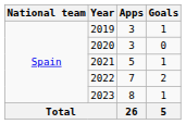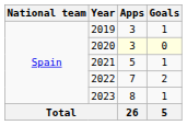 <table class="wikitable" style="text-align:center">
 <tr>
 <th>National team</th>
 <th>Year</th>
 <th>Apps</th>
 <th>Goals</th>
 </tr>
 <tr>
 <td rowspan="5"><a href='#'>Spain</a></td>
 <td>2019</td>
 <td>3</td>
 <td>1</td>
 </tr>
 <tr>
 <td>2020</td>
-<td>3</td>
-<td>0</td>
+<td style="background: lightyellow;">3</td>
+<td style="background: lightyellow;">0</td>
 </tr>
 <tr>
 <td>2021</td>
 <td>5</td>
 <td>1</td>
 </tr>
 <tr>
 <td>2022</td>
 <td>7</td>
 <td>2</td>
 </tr>
 <tr>
 <td>2023</td>
 <td>8</td>
 <td>1</td>
 </tr>
 <tr>
 <th colspan="2">Total</th>
 <th>26</th>
 <th>5</th>
 </tr>
 </table>
